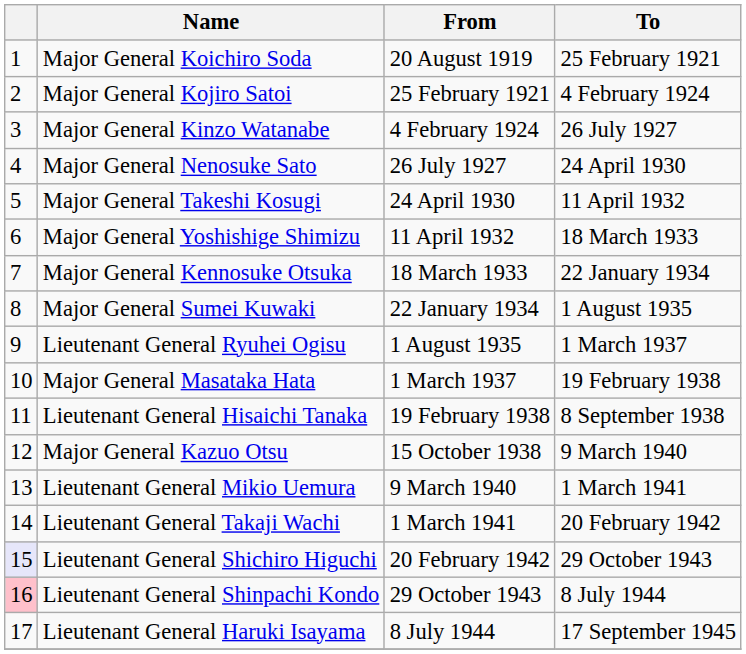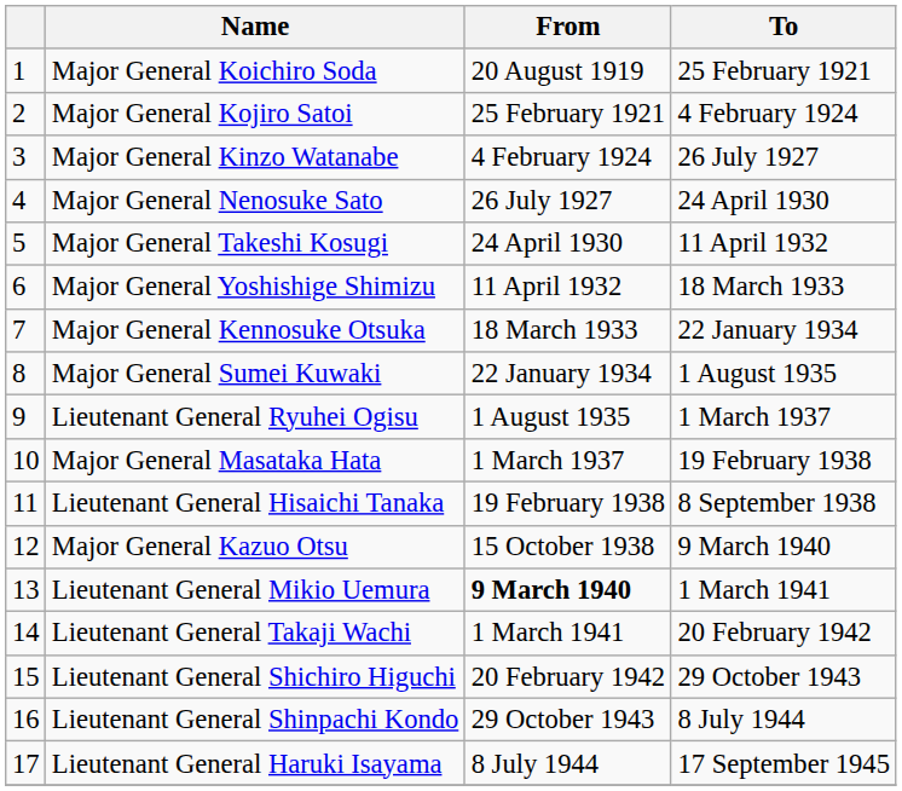 <table class=wikitable>
 <tr>
 <th></th>
 <th>Name</th>
 <th>From</th>
 <th>To</th>
 </tr>
 <tr>
 <td>1</td>
 <td>Major General <a href='#'>Koichiro Soda</a></td>
 <td>20 August 1919</td>
 <td>25 February 1921</td>
 </tr>
 <tr>
 <td>2</td>
 <td>Major General <a href='#'>Kojiro Satoi</a></td>
 <td>25 February 1921</td>
 <td>4 February 1924</td>
 </tr>
 <tr>
 <td>3</td>
 <td>Major General <a href='#'>Kinzo Watanabe</a></td>
 <td>4 February 1924</td>
 <td>26 July 1927</td>
 </tr>
 <tr>
 <td>4</td>
 <td>Major General <a href='#'>Nenosuke Sato</a></td>
 <td>26 July 1927</td>
 <td>24 April 1930</td>
 </tr>
 <tr>
 <td>5</td>
 <td>Major General <a href='#'>Takeshi Kosugi</a></td>
 <td>24 April 1930</td>
 <td>11 April 1932</td>
 </tr>
 <tr>
 <td>6</td>
 <td>Major General <a href='#'>Yoshishige Shimizu</a></td>
 <td>11 April 1932</td>
 <td>18 March 1933</td>
 </tr>
 <tr>
 <td>7</td>
 <td>Major General <a href='#'>Kennosuke Otsuka</a></td>
 <td>18 March 1933</td>
 <td>22 January 1934</td>
 </tr>
 <tr>
 <td>8</td>
 <td>Major General <a href='#'>Sumei Kuwaki</a></td>
 <td>22 January 1934</td>
 <td>1 August 1935</td>
 </tr>
 <tr>
 <td>9</td>
 <td>Lieutenant General <a href='#'>Ryuhei Ogisu</a></td>
 <td>1 August 1935</td>
 <td>1 March 1937</td>
 </tr>
 <tr>
 <td>10</td>
 <td>Major General <a href='#'>Masataka Hata</a></td>
 <td>1 March 1937</td>
 <td>19 February 1938</td>
 </tr>
 <tr>
 <td>11</td>
 <td>Lieutenant General <a href='#'>Hisaichi Tanaka</a></td>
 <td>19 February 1938</td>
 <td>8 September 1938</td>
 </tr>
 <tr>
 <td>12</td>
 <td>Major General <a href='#'>Kazuo Otsu</a></td>
 <td>15 October 1938</td>
 <td>9 March 1940</td>
 </tr>
 <tr>
 <td>13</td>
 <td>Lieutenant General <a href='#'>Mikio Uemura</a></td>
-<td>9 March 1940</td>
+<td><strong>9 March 1940</strong></td>
 <td>1 March 1941</td>
 </tr>
 <tr>
 <td>14</td>
 <td>Lieutenant General <a href='#'>Takaji Wachi</a></td>
 <td>1 March 1941</td>
 <td>20 February 1942</td>
 </tr>
 <tr>
-<td style="background: lavender;">15</td>
+<td>15</td>
 <td>Lieutenant General <a href='#'>Shichiro Higuchi</a></td>
 <td>20 February 1942</td>
 <td>29 October 1943</td>
 </tr>
 <tr>
-<td style="background: pink;">16</td>
+<td>16</td>
 <td>Lieutenant General <a href='#'>Shinpachi Kondo</a></td>
 <td>29 October 1943</td>
 <td>8 July 1944</td>
 </tr>
 <tr>
 <td>17</td>
 <td>Lieutenant General <a href='#'>Haruki Isayama</a></td>
 <td>8 July 1944</td>
 <td>17 September 1945</td>
 </tr>
 <tr>
 </tr>
 </table>
